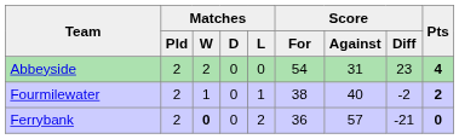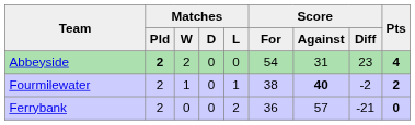 <table style=border-collapse:collapse border=1 cellspacing=0 cellpadding=5>
 <tr align=center bgcolor=#efefef>
 <th rowspan=2 width=165>Team</th>
 <th colspan=4>Matches</th>
 <th colspan=3>Score</th>
 <th rowspan=2width=20>Pts</th>
 </tr>
 <tr align=center bgcolor=#efefef>
 <th width=20>Pld</th>
 <th width=20>W</th>
 <th width=20>D</th>
 <th width=20>L</th>
 <th width=45>For</th>
 <th width=45>Against</th>
 <th width=30>Diff</th>
 </tr>
 <tr align=center  style="background:#ACE1AF;">
 <td style="text-align:left;"><a href='#'>Abbeyside</a></td>
-<td>2</td>
+<td><strong>2</strong></td>
 <td>2</td>
 <td>0</td>
 <td>0</td>
 <td>54</td>
 <td>31</td>
 <td>23</td>
 <td><strong>4</strong></td>
 </tr>
 <tr align=center  style="background:#ccccff;">
 <td style="text-align:left;"><a href='#'>Fourmilewater</a></td>
 <td>2</td>
 <td>1</td>
 <td>0</td>
 <td>1</td>
 <td>38</td>
-<td>40</td>
+<td><strong>40</strong></td>
 <td>-2</td>
 <td><strong>2</strong></td>
 </tr>
 <tr align=center style="background:#ccccff;">
 <td style="text-align:left;"><a href='#'>Ferrybank</a></td>
 <td>2</td>
-<td><strong>0</strong></td>
+<td>0</td>
 <td>0</td>
 <td>2</td>
 <td>36</td>
 <td>57</td>
 <td>-21</td>
 <td><strong>0</strong></td>
 </tr>
 </table>
